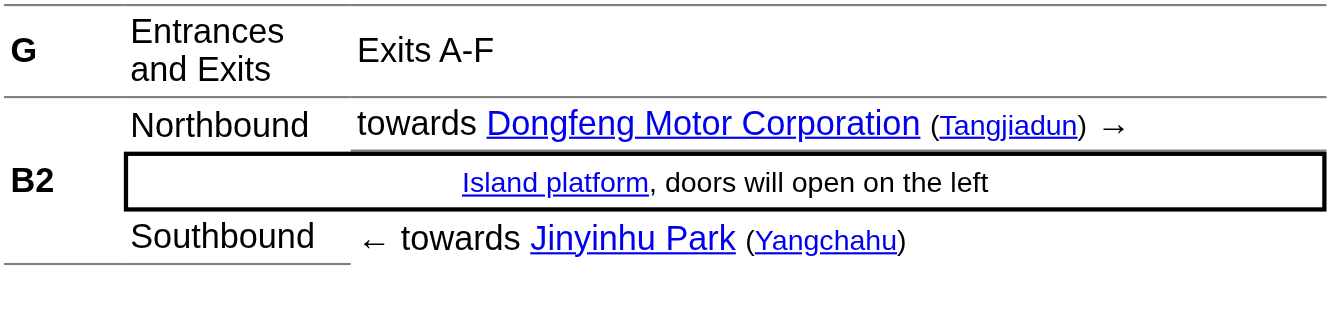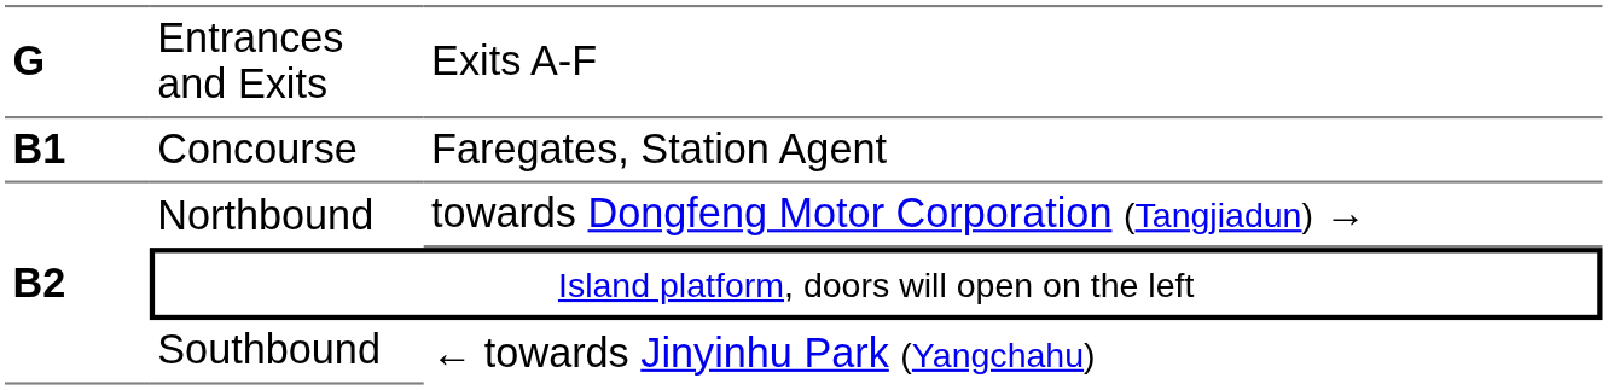 <table table border=0 cellspacing=0 cellpadding=3>
 <tr>
 <td style="border-top:solid 1px gray;border-bottom:solid 1px gray;" width=50><strong>G</strong></td>
 <td style="border-top:solid 1px gray;border-bottom:solid 1px gray;" width=100>Entrances and Exits</td>
 <td style="border-top:solid 1px gray;border-bottom:solid 1px gray;" width=450>Exits A-F</td>
+</tr>
+<tr>
+<td style="border-top:solid 0px gray;border-bottom:solid 1px gray;" width=50><strong>B1</strong></td>
+<td style="border-top:solid 0px gray;border-bottom:solid 1px gray;" width=100>Concourse</td>
+<td style="border-top:solid 0px gray;border-bottom:solid 1px gray;" width=450>Faregates, Station Agent</td>
 </tr>
 <tr>
 <td style="border-bottom:solid 1px gray;" rowspan=3><strong>B2</strong></td>
 <td>Northbound</td>
 <td style="border-bottom:solid 1px gray;"> towards <a href='#'>Dongfeng Motor Corporation</a> <small>(<a href='#'>Tangjiadun</a>)</small> →</td>
 </tr>
 <tr>
 <td style="border-right:solid 2px black;border-left:solid 2px black;border-top:solid 2px black;border-bottom:solid 2px black;text-align:center;" colspan=2><small><a href='#'>Island platform</a>, doors will open on the left</small></td>
 </tr>
 <tr>
 <td style="border-bottom:solid 1px gray;">Southbound</td>
 <td>←  towards <a href='#'>Jinyinhu Park</a> <small>(<a href='#'>Yangchahu</a>)</small></td>
 </tr>
 </table>
